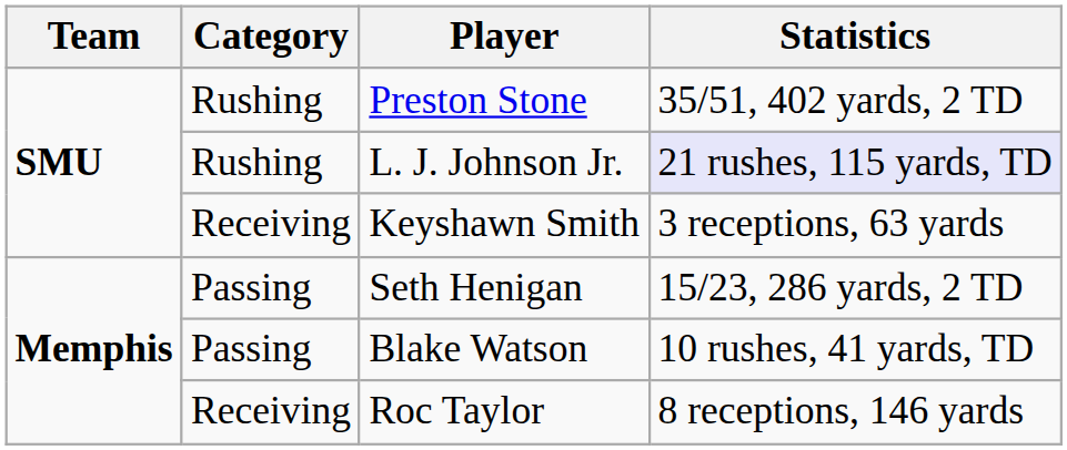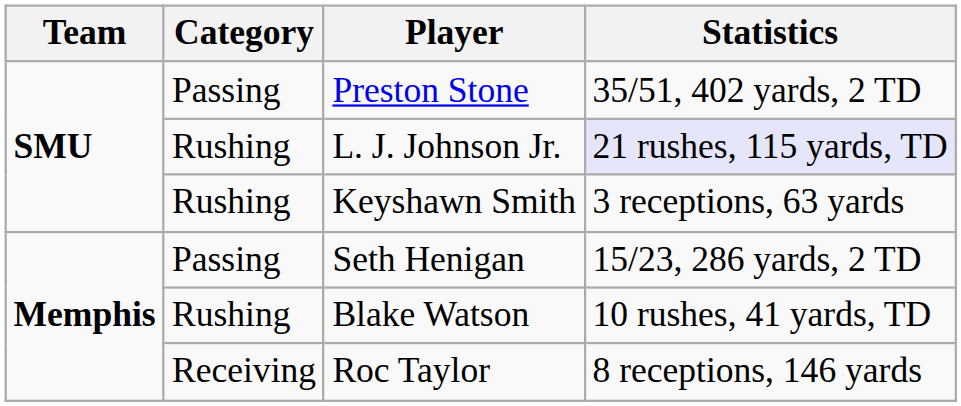 <table class="wikitable" style="float: right;">
 <tr>
 <th>Team</th>
 <th>Category</th>
 <th>Player</th>
 <th>Statistics</th>
 </tr>
 <tr>
 <td rowspan=3><strong>SMU</strong></td>
-<td>Rushing</td>
+<td>Passing</td>
 <td><a href='#'>Preston Stone</a></td>
 <td>35/51, 402 yards, 2 TD</td>
 </tr>
 <tr>
 <td>Rushing</td>
 <td>L. J. Johnson Jr.</td>
 <td style="background: lavender;">21 rushes, 115 yards, TD</td>
 </tr>
 <tr>
-<td>Receiving</td>
+<td>Rushing</td>
 <td>Keyshawn Smith</td>
 <td>3 receptions, 63 yards</td>
 </tr>
 <tr>
 <td rowspan=3><strong>Memphis</strong></td>
 <td>Passing</td>
 <td>Seth Henigan</td>
 <td>15/23, 286 yards, 2 TD</td>
 </tr>
 <tr>
-<td>Passing</td>
+<td>Rushing</td>
 <td>Blake Watson</td>
 <td>10 rushes, 41 yards, TD</td>
 </tr>
 <tr>
 <td>Receiving</td>
 <td>Roc Taylor</td>
 <td>8 receptions, 146 yards</td>
 </tr>
 </table>
